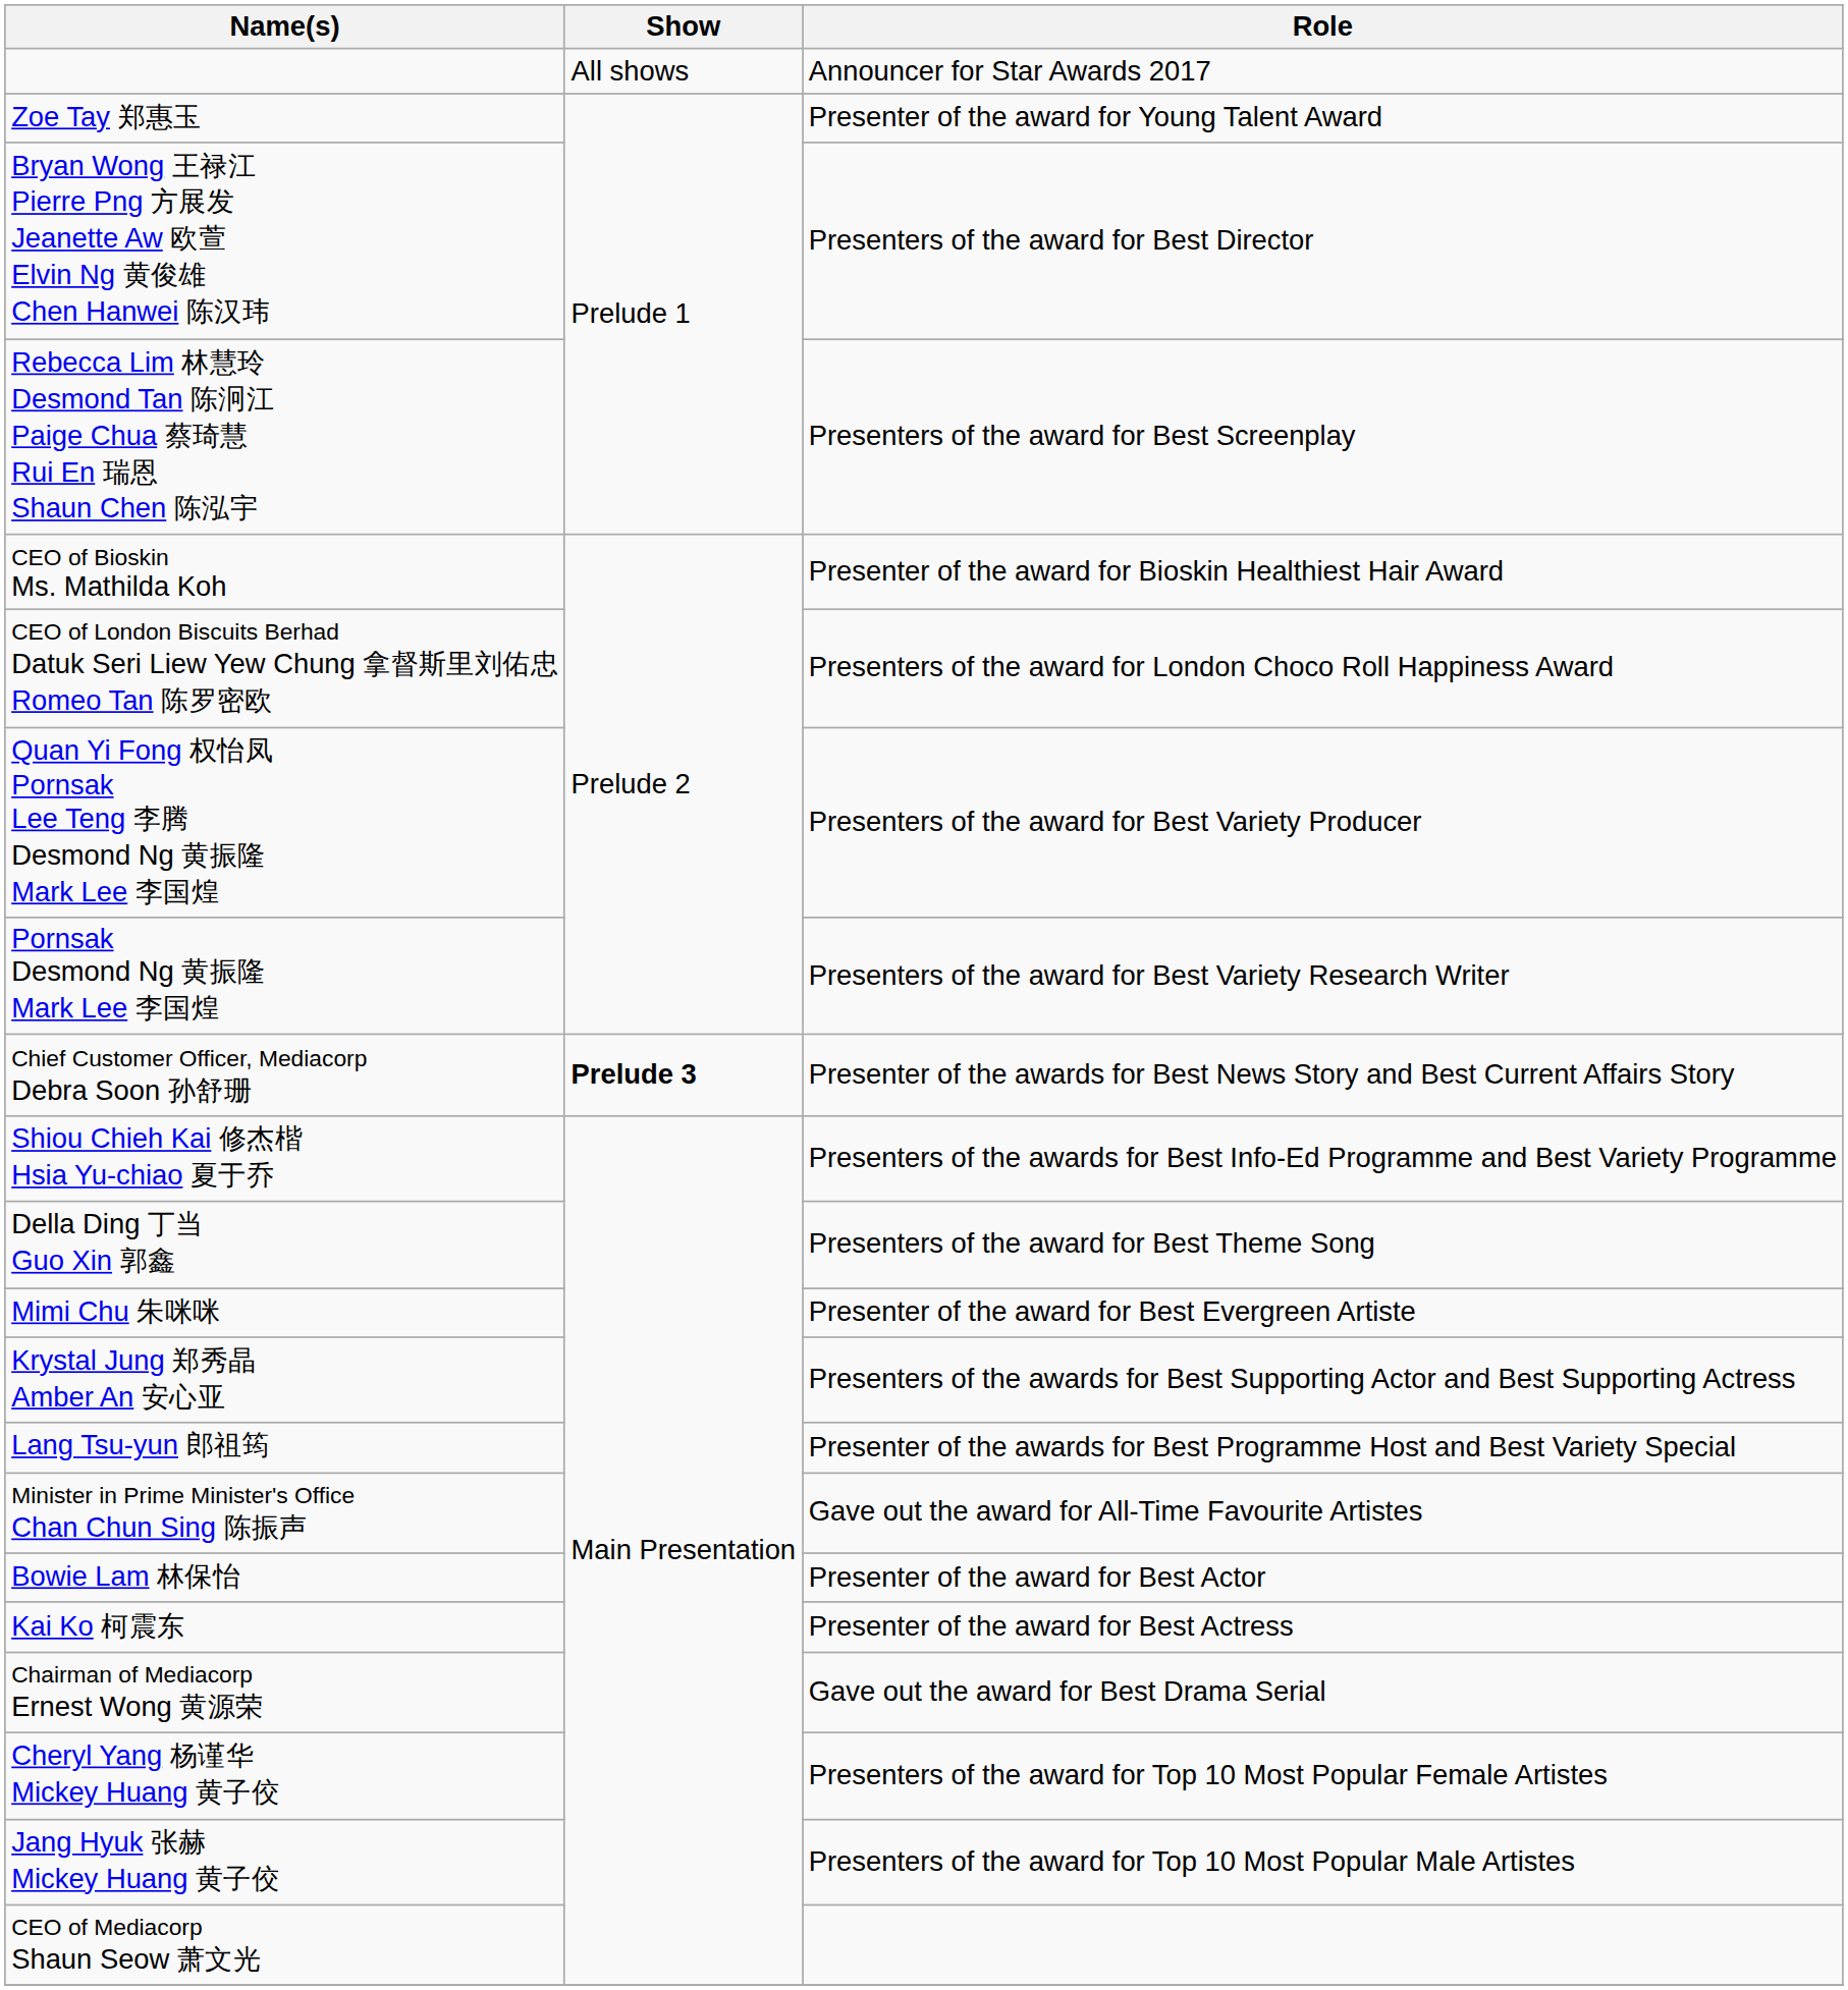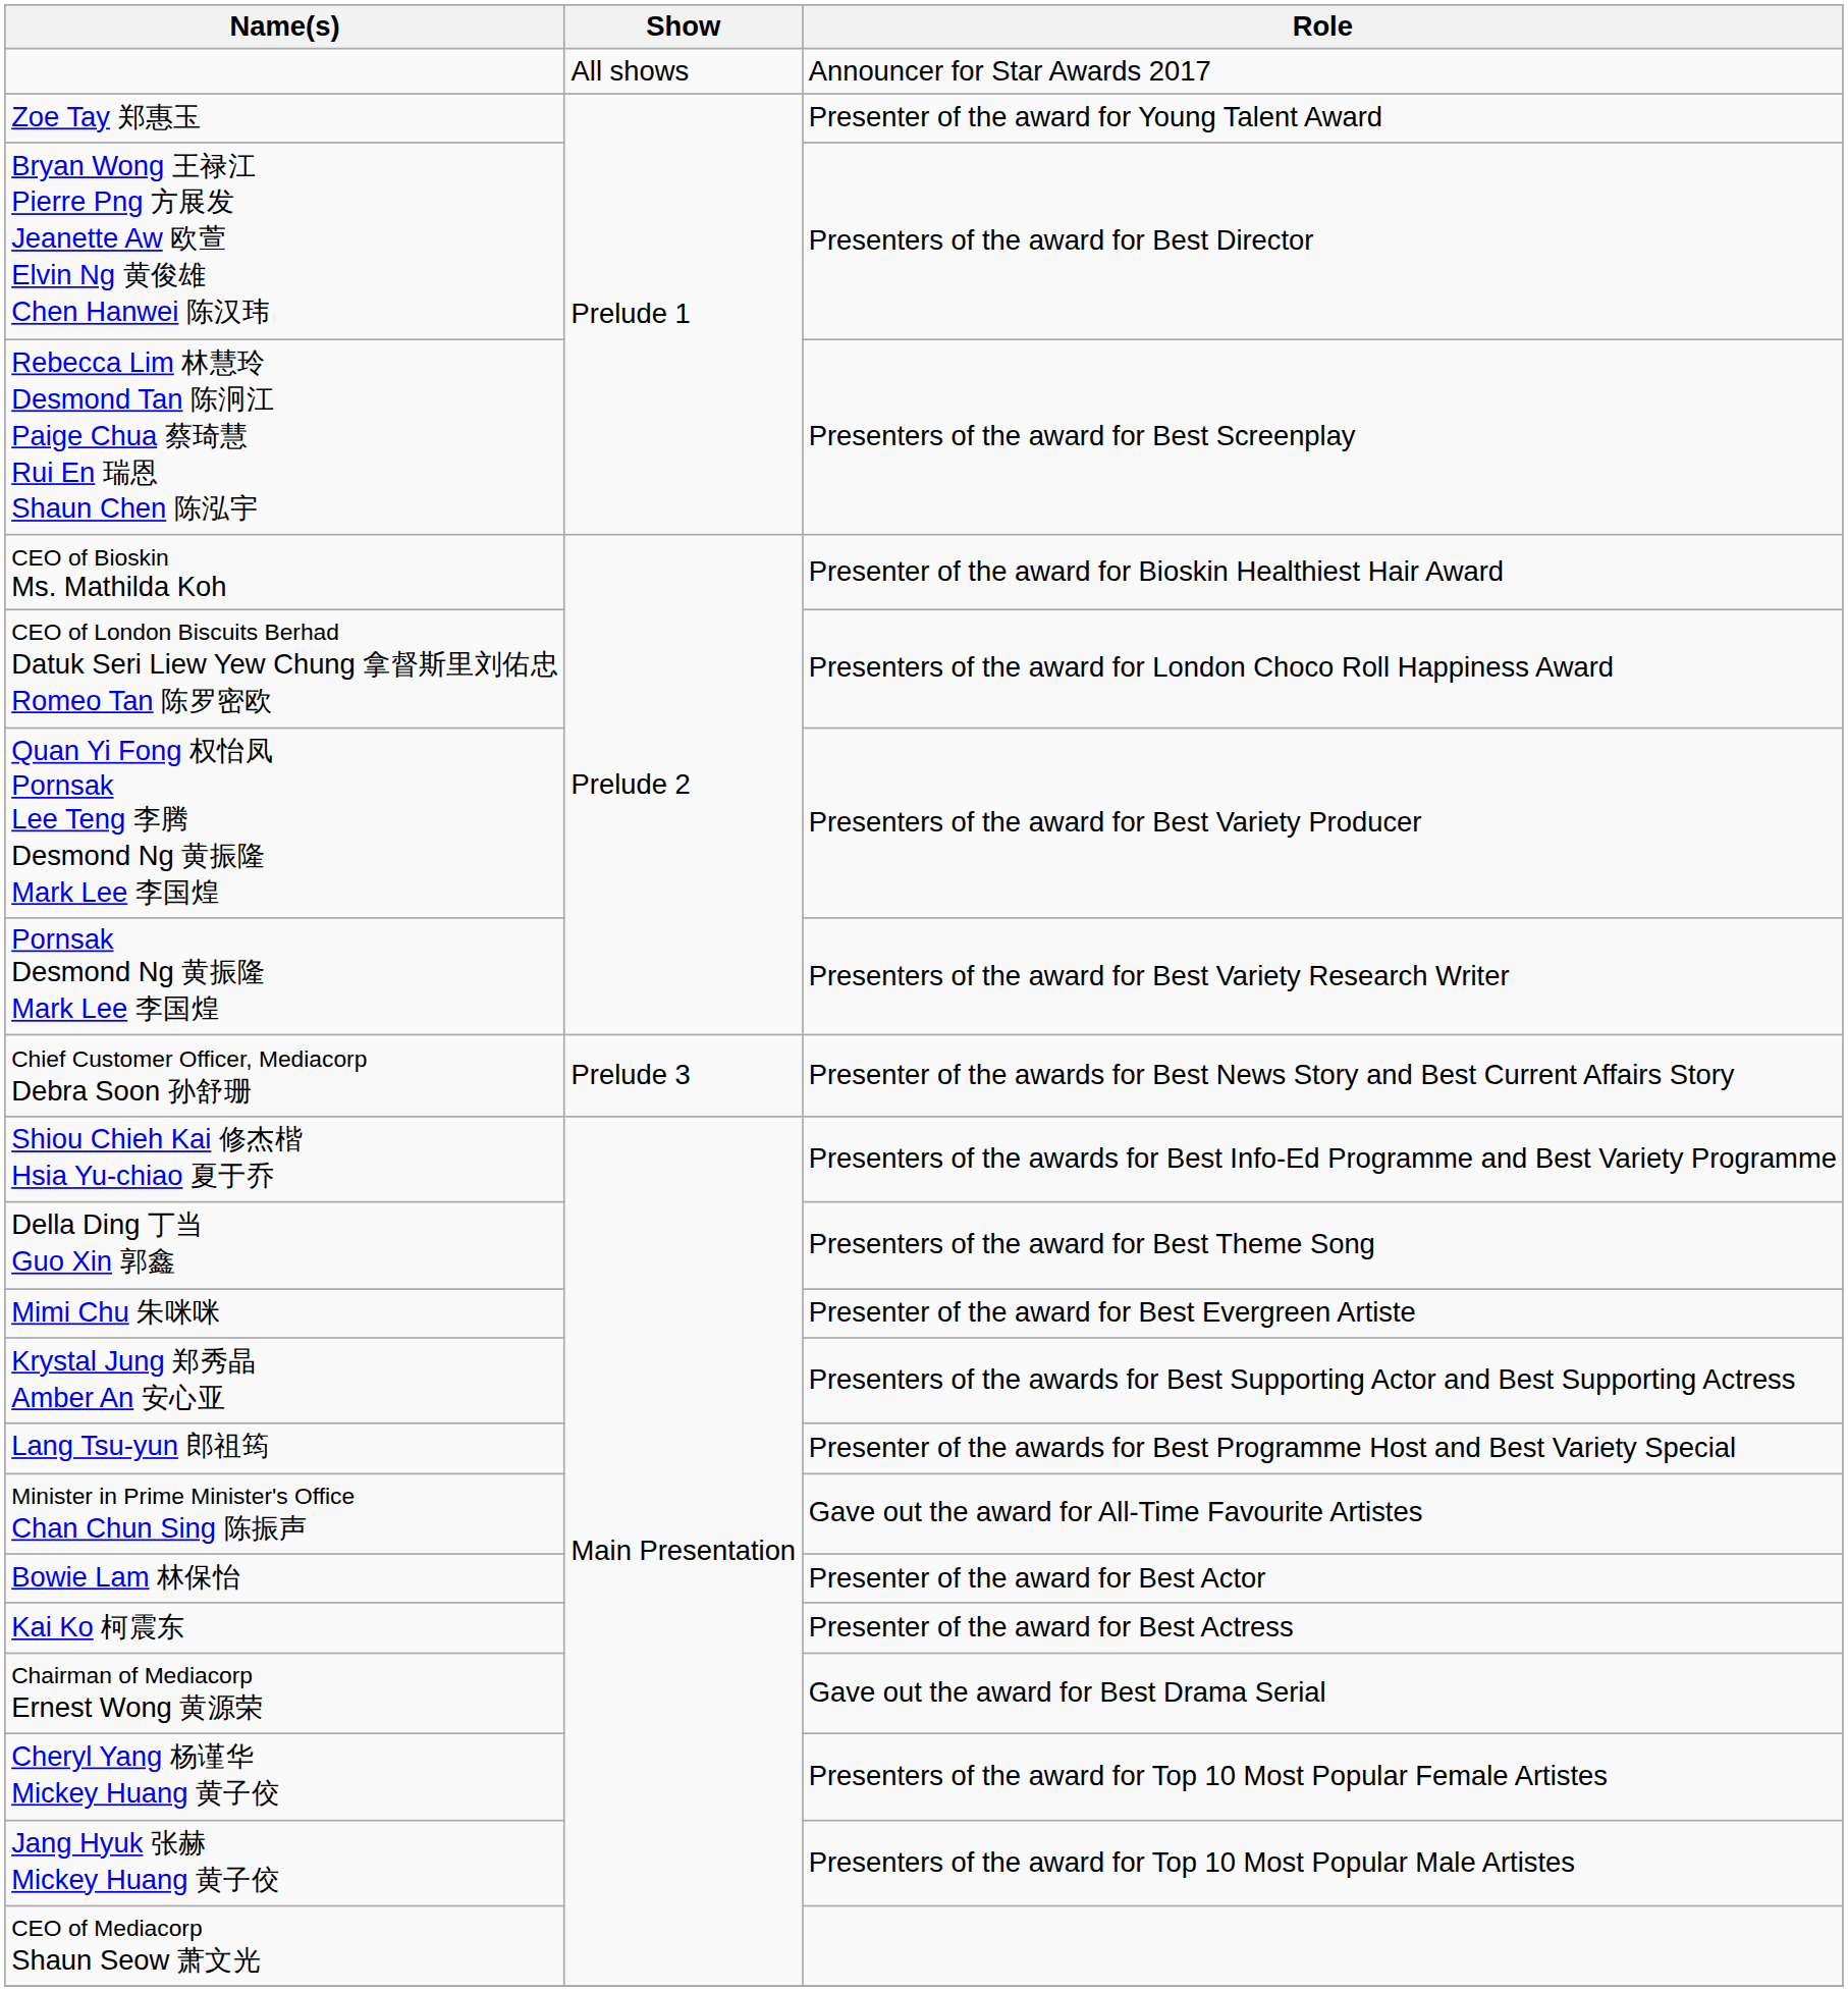 <table class="wikitable sortable">
 <tr>
 <th>Name(s)</th>
 <th>Show</th>
 <th>Role</th>
 </tr>
 <tr>
 <td></td>
 <td>All shows</td>
 <td>Announcer for Star Awards 2017</td>
 </tr>
 <tr>
 <td><a href='#'>Zoe Tay</a> 郑惠玉</td>
 <td rowspan="3">Prelude 1</td>
 <td>Presenter of the award for Young Talent Award</td>
 </tr>
 <tr>
 <td><a href='#'>Bryan Wong</a> 王禄江 <br> <a href='#'>Pierre Png</a> 方展发 <br> <a href='#'>Jeanette Aw</a> 欧萱 <br> <a href='#'>Elvin Ng</a> 黄俊雄 <br> <a href='#'>Chen Hanwei</a> 陈汉玮</td>
 <td>Presenters of the award for Best Director</td>
 </tr>
 <tr>
 <td><a href='#'>Rebecca Lim</a> 林慧玲 <br> <a href='#'>Desmond Tan</a> 陈泂江 <br> <a href='#'>Paige Chua</a> 蔡琦慧 <br> <a href='#'>Rui En</a> 瑞恩 <br> <a href='#'>Shaun Chen</a> 陈泓宇</td>
 <td>Presenters of the award for Best Screenplay</td>
 </tr>
 <tr>
 <td><small>CEO of Bioskin</small> <br> Ms. Mathilda Koh</td>
 <td rowspan="4">Prelude 2</td>
 <td>Presenter of the award for Bioskin Healthiest Hair Award</td>
 </tr>
 <tr>
 <td><small>CEO of London Biscuits Berhad</small> <br> Datuk Seri Liew Yew Chung 拿督斯里刘佑忠 <br> <a href='#'>Romeo Tan</a> 陈罗密欧</td>
 <td>Presenters of the award for London Choco Roll Happiness Award</td>
 </tr>
 <tr>
 <td><a href='#'>Quan Yi Fong</a> 权怡凤 <br> <a href='#'>Pornsak</a> <br> <a href='#'>Lee Teng</a> 李腾 <br> Desmond Ng 黄振隆 <br> <a href='#'>Mark Lee</a> 李国煌</td>
 <td>Presenters of the award for Best Variety Producer</td>
 </tr>
 <tr>
 <td><a href='#'>Pornsak</a> <br> Desmond Ng 黄振隆 <br> <a href='#'>Mark Lee</a> 李国煌</td>
 <td>Presenters of the award for Best Variety Research Writer</td>
 </tr>
 <tr>
 <td><small>Chief Customer Officer, Mediacorp</small> <br> Debra Soon 孙舒珊</td>
-<td rowspan="1"><strong>Prelude 3</strong></td>
+<td rowspan="1">Prelude 3</td>
 <td>Presenter of the awards for Best News Story and Best Current Affairs Story</td>
 </tr>
 <tr>
 <td><a href='#'>Shiou Chieh Kai</a> 修杰楷 <br> <a href='#'>Hsia Yu-chiao</a> 夏于乔</td>
 <td rowspan="12">Main Presentation</td>
 <td>Presenters of the awards for Best Info-Ed Programme and Best Variety Programme</td>
 </tr>
 <tr>
 <td>Della Ding 丁当 <br> <a href='#'>Guo Xin</a> 郭鑫</td>
 <td>Presenters of the award for Best Theme Song</td>
 </tr>
 <tr>
 <td><a href='#'>Mimi Chu</a> 朱咪咪</td>
 <td>Presenter of the award for Best Evergreen Artiste</td>
 </tr>
 <tr>
 <td><a href='#'>Krystal Jung</a> 郑秀晶 <br> <a href='#'>Amber An</a> 安心亚</td>
 <td>Presenters of the awards for Best Supporting Actor and Best Supporting Actress</td>
 </tr>
 <tr>
 <td><a href='#'>Lang Tsu-yun</a> 郎祖筠</td>
 <td>Presenter of the awards for Best Programme Host and Best Variety Special</td>
 </tr>
 <tr>
 <td><small>Minister in Prime Minister's Office </small> <br> <a href='#'>Chan Chun Sing</a> 陈振声</td>
 <td>Gave out the award for All-Time Favourite Artistes</td>
 </tr>
 <tr>
 <td><a href='#'>Bowie Lam</a> 林保怡</td>
 <td>Presenter of the award for Best Actor</td>
 </tr>
 <tr>
 <td><a href='#'>Kai Ko</a> 柯震东</td>
 <td>Presenter of the award for Best Actress</td>
 </tr>
 <tr>
 <td><small>Chairman of Mediacorp</small> <br> Ernest Wong 黄源荣</td>
 <td>Gave out the award for Best Drama Serial</td>
 </tr>
 <tr>
 <td><a href='#'>Cheryl Yang</a> 杨谨华 <br> <a href='#'>Mickey Huang</a> 黄子佼</td>
 <td>Presenters of the award for Top 10 Most Popular Female Artistes</td>
 </tr>
 <tr>
 <td><a href='#'>Jang Hyuk</a> 张赫 <br> <a href='#'>Mickey Huang</a> 黄子佼</td>
 <td>Presenters of the award for Top 10 Most Popular Male Artistes</td>
 </tr>
 <tr>
 <td><small> CEO of Mediacorp </small> <br> Shaun Seow 萧文光</td>
 <td></td>
 </tr>
 <tr>
 </tr>
 </table>
